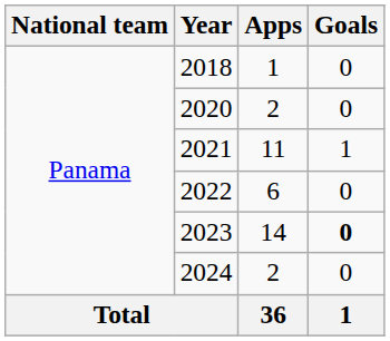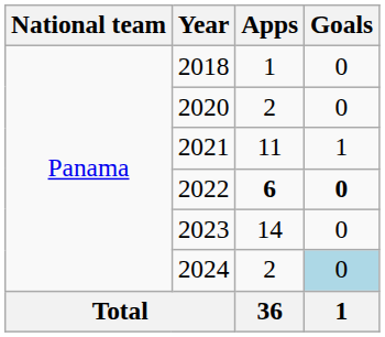 <table class="wikitable" style="text-align:center">
 <tr>
 <th>National team</th>
 <th>Year</th>
 <th>Apps</th>
 <th>Goals</th>
 </tr>
 <tr>
 <td rowspan="6"><a href='#'>Panama</a></td>
 <td>2018</td>
 <td>1</td>
 <td>0</td>
 </tr>
 <tr>
 <td>2020</td>
 <td>2</td>
 <td>0</td>
 </tr>
 <tr>
 <td>2021</td>
 <td>11</td>
 <td>1</td>
 </tr>
 <tr>
 <td>2022</td>
-<td>6</td>
-<td>0</td>
+<td><strong>6</strong></td>
+<td><strong>0</strong></td>
 </tr>
 <tr>
 <td>2023</td>
 <td>14</td>
-<td><strong>0</strong></td>
+<td>0</td>
 </tr>
 <tr>
 <td>2024</td>
 <td>2</td>
-<td>0</td>
+<td style="background: lightblue;">0</td>
 </tr>
 <tr>
 <th colspan="2">Total</th>
 <th>36</th>
 <th>1</th>
 </tr>
 </table>
